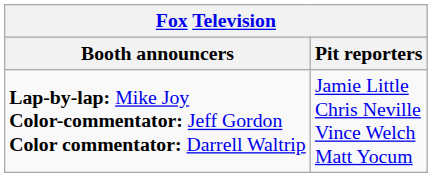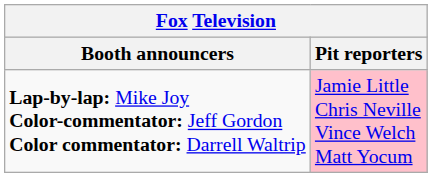 <table class="wikitable" style="font-size: 95%">
 <tr>
 <th colspan="2"><a href='#'>Fox</a> <a href='#'>Television</a></th>
 </tr>
 <tr>
 <th>Booth announcers</th>
 <th>Pit reporters</th>
 </tr>
 <tr>
 <td><strong>Lap-by-lap:</strong> <a href='#'>Mike Joy</a><br><strong>Color-commentator:</strong> <a href='#'>Jeff Gordon</a><br><strong>Color commentator:</strong> <a href='#'>Darrell Waltrip</a></td>
-<td><a href='#'>Jamie Little</a><br><a href='#'>Chris Neville</a><br><a href='#'>Vince Welch</a><br><a href='#'>Matt Yocum</a></td>
+<td style="background: pink;"><a href='#'>Jamie Little</a><br><a href='#'>Chris Neville</a><br><a href='#'>Vince Welch</a><br><a href='#'>Matt Yocum</a></td>
 </tr>
 </table>
